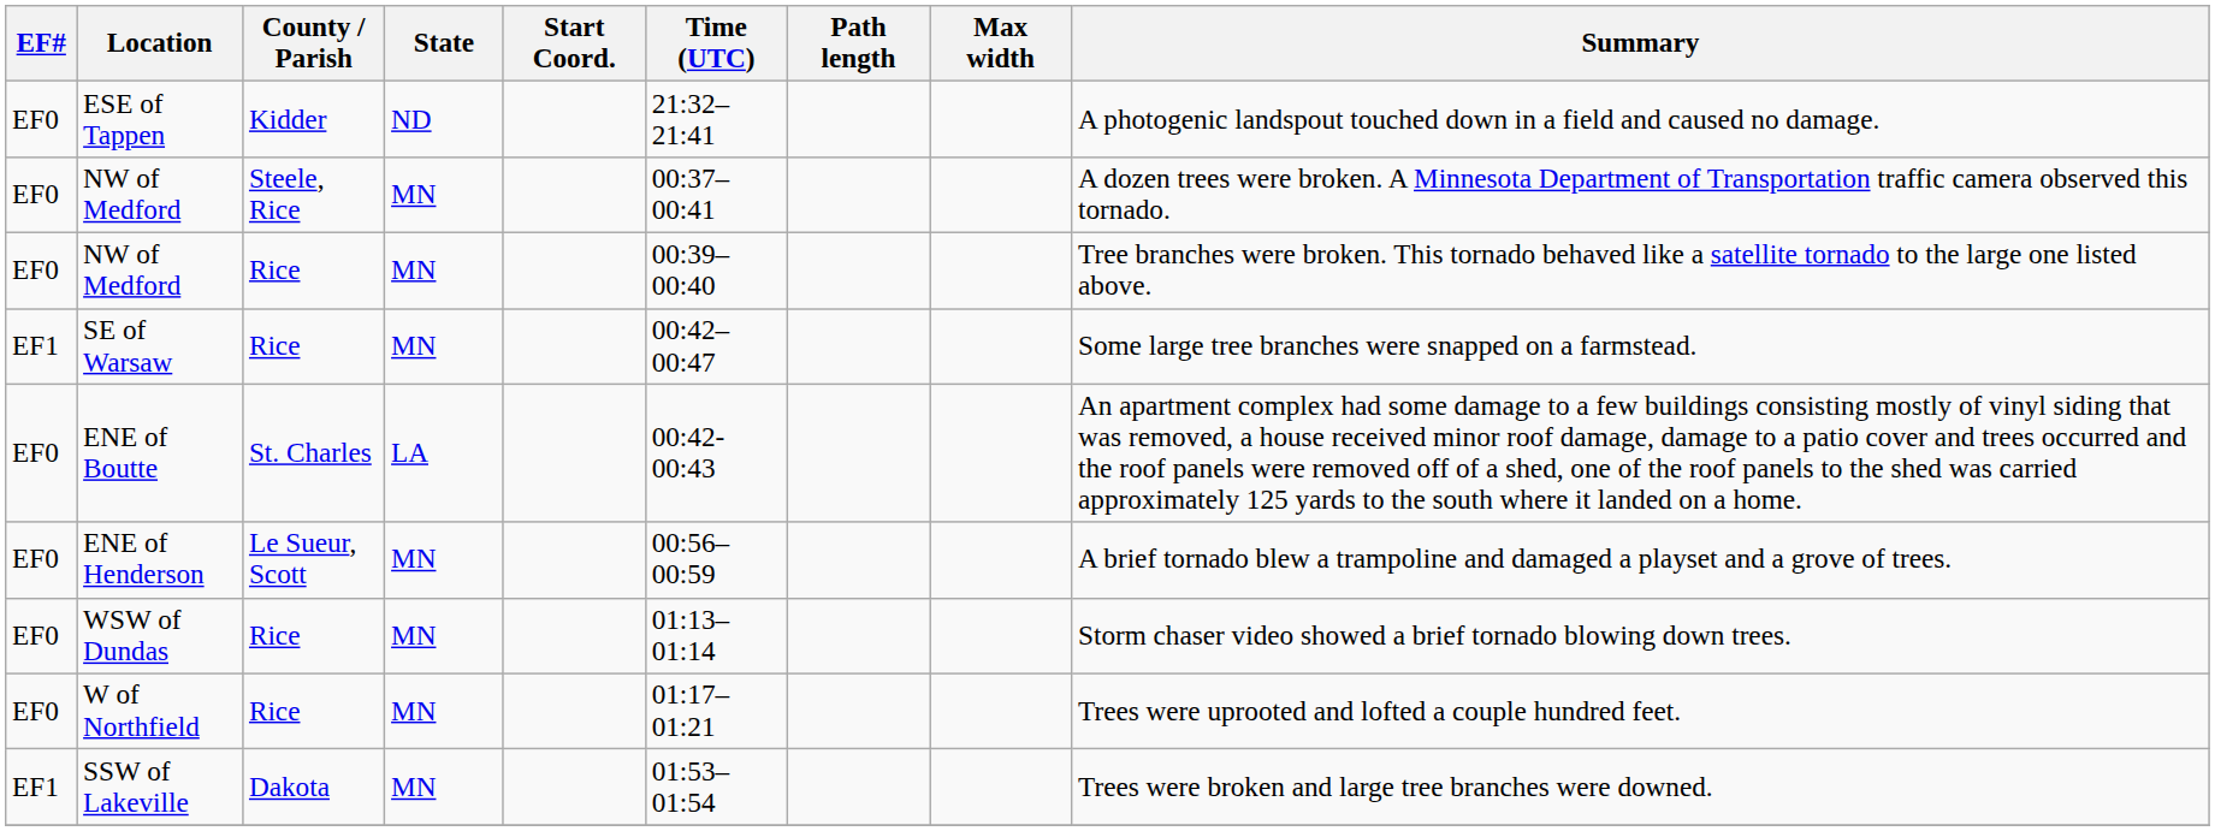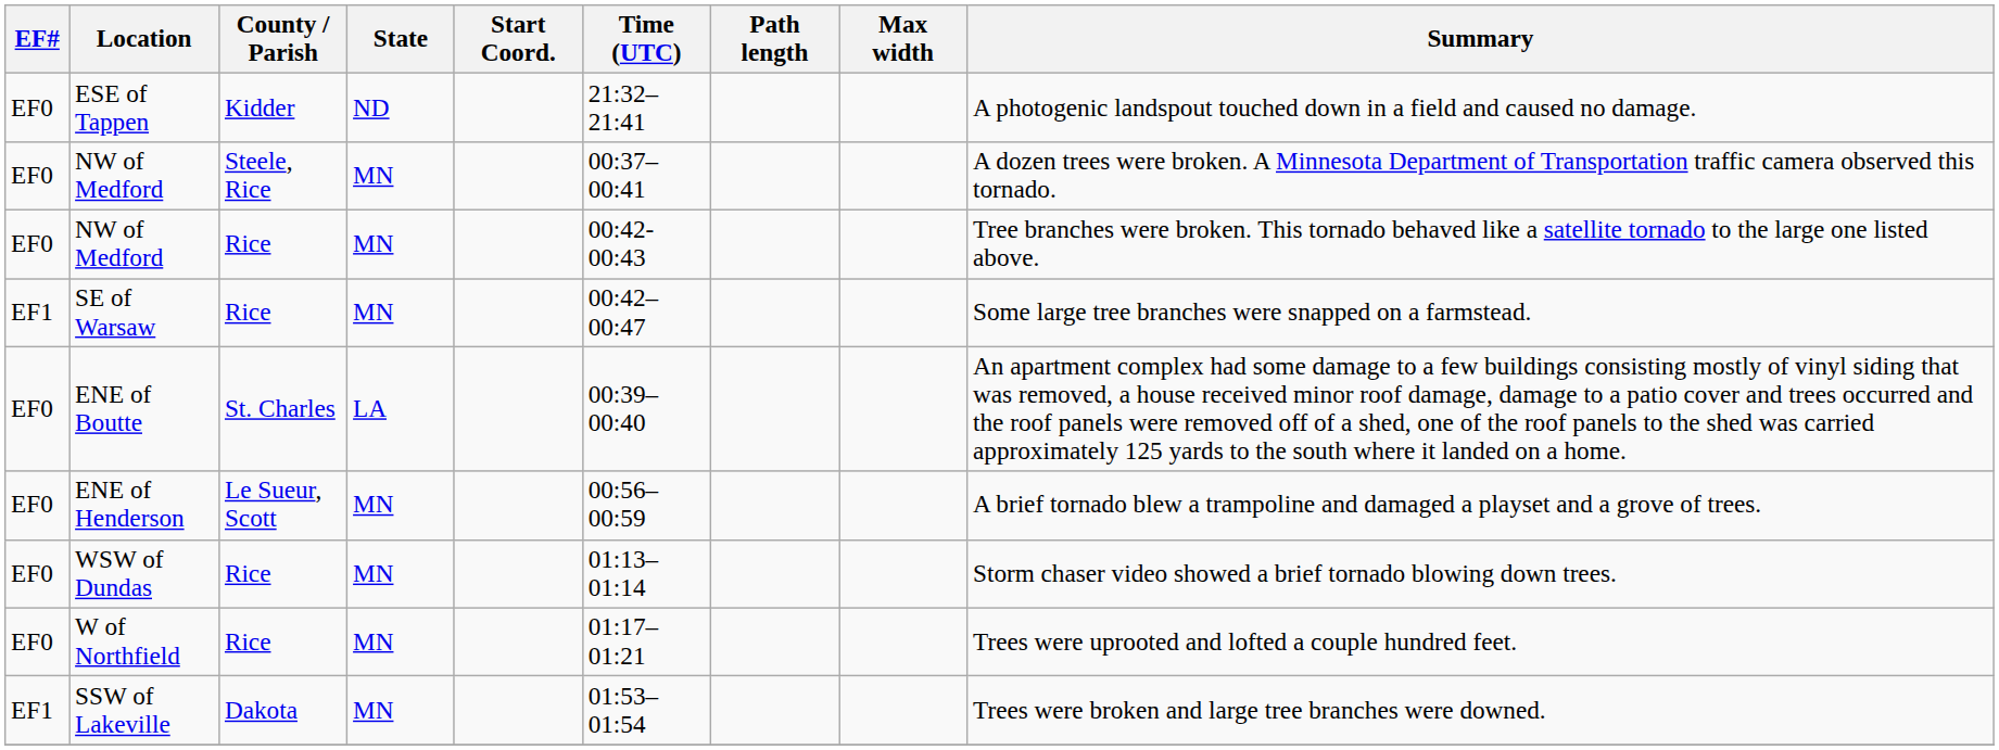 <table class="wikitable sortable" style="width:100%;">
 <tr>
 <th scope="col"  style="width:3%; text-align:center;"><a href='#'>EF#</a></th>
 <th scope="col"  style="width:7%; text-align:center;" class="unsortable">Location</th>
 <th scope="col"  style="width:6%; text-align:center;" class="unsortable">County / Parish</th>
 <th scope="col"  style="width:5%; text-align:center;">State</th>
 <th scope="col"  style="width:6%; text-align:center;">Start Coord.</th>
 <th scope="col"  style="width:6%; text-align:center;">Time (<a href='#'>UTC</a>)</th>
 <th scope="col"  style="width:6%; text-align:center;">Path length</th>
 <th scope="col"  style="width:6%; text-align:center;">Max width</th>
 <th scope="col" class="unsortable" style="width:48%; text-align:center;">Summary</th>
 </tr>
 <tr>
 <td>EF0</td>
 <td>ESE of <a href='#'>Tappen</a></td>
 <td><a href='#'>Kidder</a></td>
 <td><a href='#'>ND</a></td>
 <td></td>
 <td>21:32–21:41</td>
 <td></td>
 <td></td>
 <td>A photogenic landspout touched down in a field and caused no damage.</td>
 </tr>
 <tr>
 <td>EF0</td>
 <td>NW of <a href='#'>Medford</a></td>
 <td><a href='#'>Steele</a>, <a href='#'>Rice</a></td>
 <td><a href='#'>MN</a></td>
 <td></td>
 <td>00:37–00:41</td>
 <td></td>
 <td></td>
 <td>A dozen trees were broken. A <a href='#'>Minnesota Department of Transportation</a> traffic camera observed this tornado.</td>
 </tr>
 <tr>
 <td>EF0</td>
 <td>NW of <a href='#'>Medford</a></td>
 <td><a href='#'>Rice</a></td>
 <td><a href='#'>MN</a></td>
 <td></td>
-<td>00:39–00:40</td>
+<td>00:42-00:43</td>
 <td></td>
 <td></td>
 <td>Tree branches were broken. This tornado behaved like a <a href='#'>satellite tornado</a> to the large one listed above.</td>
 </tr>
 <tr>
 <td>EF1</td>
 <td>SE of <a href='#'>Warsaw</a></td>
 <td><a href='#'>Rice</a></td>
 <td><a href='#'>MN</a></td>
 <td></td>
 <td>00:42–00:47</td>
 <td></td>
 <td></td>
 <td>Some large tree branches were snapped on a farmstead.</td>
 </tr>
 <tr>
 <td>EF0</td>
 <td>ENE of <a href='#'>Boutte</a></td>
 <td><a href='#'>St. Charles</a></td>
 <td><a href='#'>LA</a></td>
 <td></td>
-<td>00:42-00:43</td>
+<td>00:39–00:40</td>
 <td></td>
 <td></td>
 <td>An apartment complex had some damage to a few buildings consisting mostly of vinyl siding that was removed, a house received minor roof damage, damage to a patio cover and trees occurred and the roof panels were removed off of a shed, one of the roof panels to the shed was carried approximately 125 yards to the south where it landed on a home.</td>
 </tr>
 <tr>
 <td>EF0</td>
 <td>ENE of <a href='#'>Henderson</a></td>
 <td><a href='#'>Le Sueur</a>, <a href='#'>Scott</a></td>
 <td><a href='#'>MN</a></td>
 <td></td>
 <td>00:56–00:59</td>
 <td></td>
 <td></td>
 <td>A brief tornado blew a trampoline and damaged a playset and a grove of trees.</td>
 </tr>
 <tr>
 <td>EF0</td>
 <td>WSW of <a href='#'>Dundas</a></td>
 <td><a href='#'>Rice</a></td>
 <td><a href='#'>MN</a></td>
 <td></td>
 <td>01:13–01:14</td>
 <td></td>
 <td></td>
 <td>Storm chaser video showed a brief tornado blowing down trees.</td>
 </tr>
 <tr>
 <td>EF0</td>
 <td>W of <a href='#'>Northfield</a></td>
 <td><a href='#'>Rice</a></td>
 <td><a href='#'>MN</a></td>
 <td></td>
 <td>01:17–01:21</td>
 <td></td>
 <td></td>
 <td>Trees were uprooted and lofted a couple hundred feet.</td>
 </tr>
 <tr>
 <td>EF1</td>
 <td>SSW of <a href='#'>Lakeville</a></td>
 <td><a href='#'>Dakota</a></td>
 <td><a href='#'>MN</a></td>
 <td></td>
 <td>01:53–01:54</td>
 <td></td>
 <td></td>
 <td>Trees were broken and large tree branches were downed.</td>
 </tr>
 <tr>
 </tr>
 </table>
